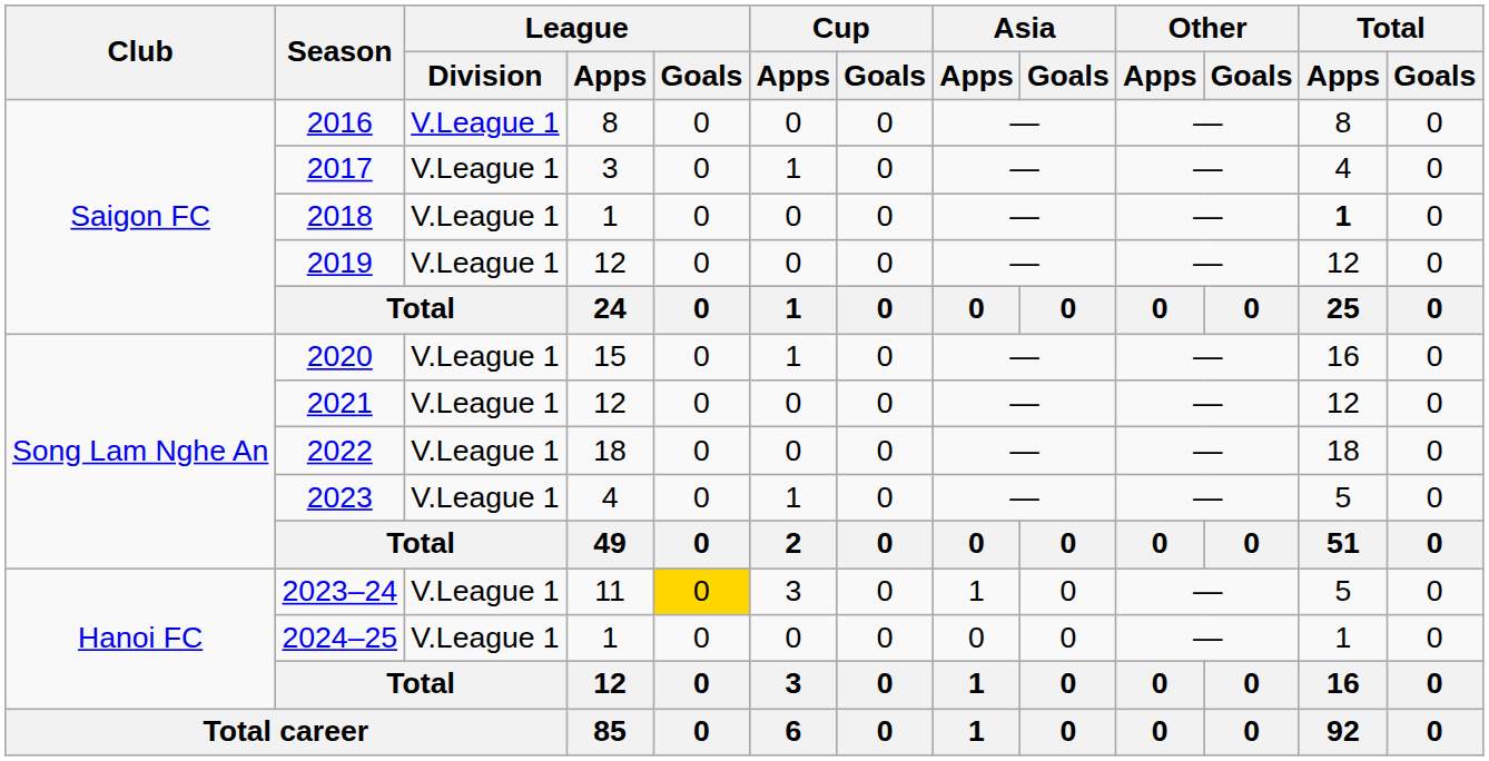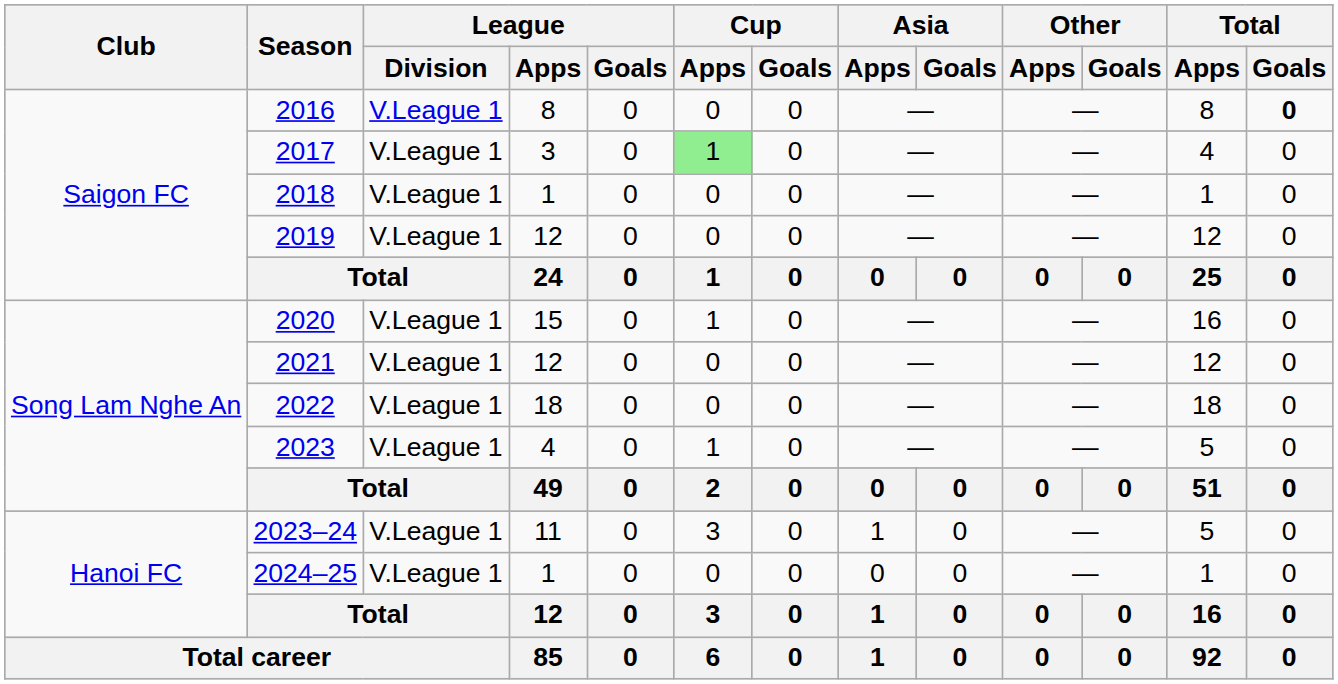 <table class="wikitable" style="text-align: center;">
 <tr>
 <th rowspan="2">Club</th>
 <th rowspan="2">Season</th>
 <th colspan="3">League</th>
 <th colspan="2">Cup</th>
 <th colspan="2">Asia</th>
 <th colspan="2">Other</th>
 <th colspan="2">Total</th>
 </tr>
 <tr>
 <th>Division</th>
 <th>Apps</th>
 <th>Goals</th>
 <th>Apps</th>
 <th>Goals</th>
 <th>Apps</th>
 <th>Goals</th>
 <th>Apps</th>
 <th>Goals</th>
 <th>Apps</th>
 <th>Goals</th>
 </tr>
 <tr>
 <td rowspan="5"><a href='#'>Saigon FC</a></td>
 <td><a href='#'>2016</a></td>
 <td><a href='#'>V.League 1</a></td>
 <td>8</td>
 <td>0</td>
 <td>0</td>
 <td>0</td>
 <td colspan=2>—</td>
 <td colspan="2">—</td>
 <td>8</td>
-<td>0</td>
+<td><strong>0</strong></td>
 </tr>
 <tr>
 <td><a href='#'>2017</a></td>
 <td>V.League 1</td>
 <td>3</td>
 <td>0</td>
-<td>1</td>
+<td style="background: lightgreen;">1</td>
 <td>0</td>
 <td colspan="2">—</td>
 <td colspan="2">—</td>
 <td>4</td>
 <td>0</td>
 </tr>
 <tr>
 <td><a href='#'>2018</a></td>
 <td>V.League 1</td>
 <td>1</td>
 <td>0</td>
 <td>0</td>
 <td>0</td>
 <td colspan="2">—</td>
 <td colspan="2">—</td>
-<td><strong>1</strong></td>
+<td>1</td>
 <td>0</td>
 </tr>
 <tr>
 <td><a href='#'>2019</a></td>
 <td>V.League 1</td>
 <td>12</td>
 <td>0</td>
 <td>0</td>
 <td>0</td>
 <td colspan="2">—</td>
 <td colspan="2">—</td>
 <td>12</td>
 <td>0</td>
 </tr>
 <tr>
 <th colspan="2">Total</th>
 <th>24</th>
 <th>0</th>
 <th>1</th>
 <th>0</th>
 <th>0</th>
 <th>0</th>
 <th>0</th>
 <th>0</th>
 <th>25</th>
 <th>0</th>
 </tr>
 <tr>
 <td rowspan=5><a href='#'>Song Lam Nghe An</a></td>
 <td><a href='#'>2020</a></td>
 <td>V.League 1</td>
 <td>15</td>
 <td>0</td>
 <td>1</td>
 <td>0</td>
 <td colspan="2">—</td>
 <td colspan="2">—</td>
 <td>16</td>
 <td>0</td>
 </tr>
 <tr>
 <td><a href='#'>2021</a></td>
 <td>V.League 1</td>
 <td>12</td>
 <td>0</td>
 <td>0</td>
 <td>0</td>
 <td colspan="2">—</td>
 <td colspan="2">—</td>
 <td>12</td>
 <td>0</td>
 </tr>
 <tr>
 <td><a href='#'>2022</a></td>
 <td>V.League 1</td>
 <td>18</td>
 <td>0</td>
 <td>0</td>
 <td>0</td>
 <td colspan="2">—</td>
 <td colspan="2">—</td>
 <td>18</td>
 <td>0</td>
 </tr>
 <tr>
 <td><a href='#'>2023</a></td>
 <td>V.League 1</td>
 <td>4</td>
 <td>0</td>
 <td>1</td>
 <td>0</td>
 <td colspan="2">—</td>
 <td colspan="2">—</td>
 <td>5</td>
 <td>0</td>
 </tr>
 <tr>
 <th colspan="2">Total</th>
 <th>49</th>
 <th>0</th>
 <th>2</th>
 <th>0</th>
 <th>0</th>
 <th>0</th>
 <th>0</th>
 <th>0</th>
 <th>51</th>
 <th>0</th>
 </tr>
 <tr>
 <td rowspan=3><a href='#'>Hanoi FC</a></td>
 <td><a href='#'>2023–24</a></td>
 <td>V.League 1</td>
 <td>11</td>
-<td style="background: gold;">0</td>
+<td>0</td>
 <td>3</td>
 <td>0</td>
 <td>1</td>
 <td>0</td>
 <td colspan="2">—</td>
 <td>5</td>
 <td>0</td>
 </tr>
 <tr>
 <td><a href='#'>2024–25</a></td>
 <td>V.League 1</td>
 <td>1</td>
 <td>0</td>
 <td>0</td>
 <td>0</td>
 <td>0</td>
 <td>0</td>
 <td colspan="2">—</td>
 <td>1</td>
 <td>0</td>
 </tr>
 <tr>
 <th colspan="2">Total</th>
 <th>12</th>
 <th>0</th>
 <th>3</th>
 <th>0</th>
 <th>1</th>
 <th>0</th>
 <th>0</th>
 <th>0</th>
 <th>16</th>
 <th>0</th>
 </tr>
 <tr>
 <th colspan=3>Total career</th>
 <th>85</th>
 <th>0</th>
 <th>6</th>
 <th>0</th>
 <th>1</th>
 <th>0</th>
 <th>0</th>
 <th>0</th>
 <th>92</th>
 <th>0</th>
 </tr>
 </table>
